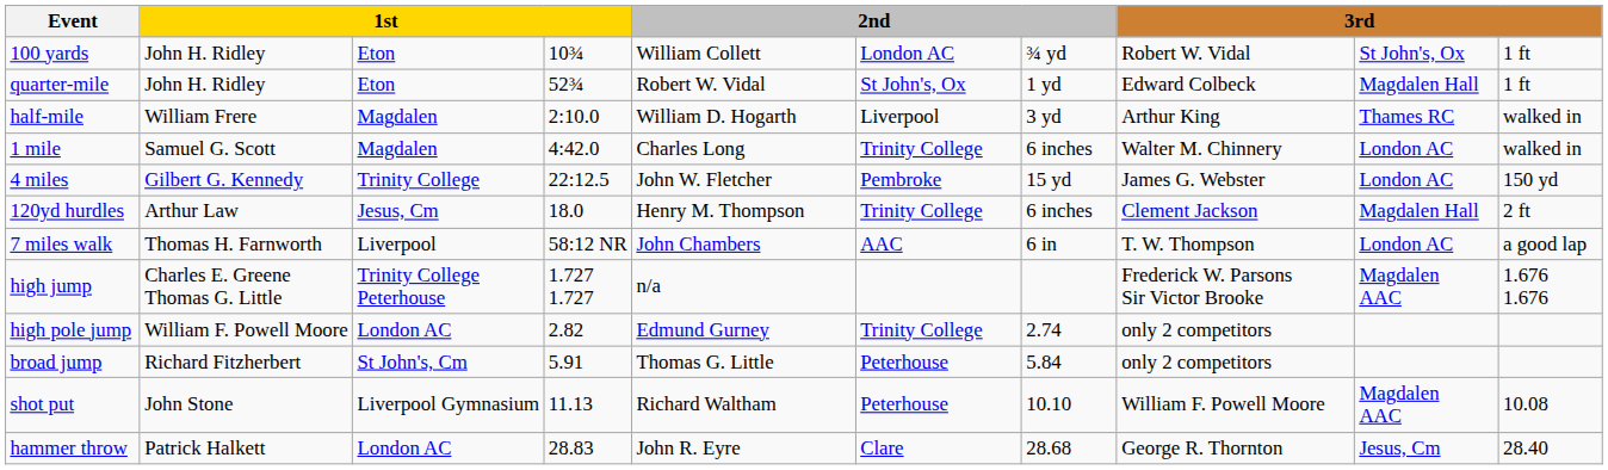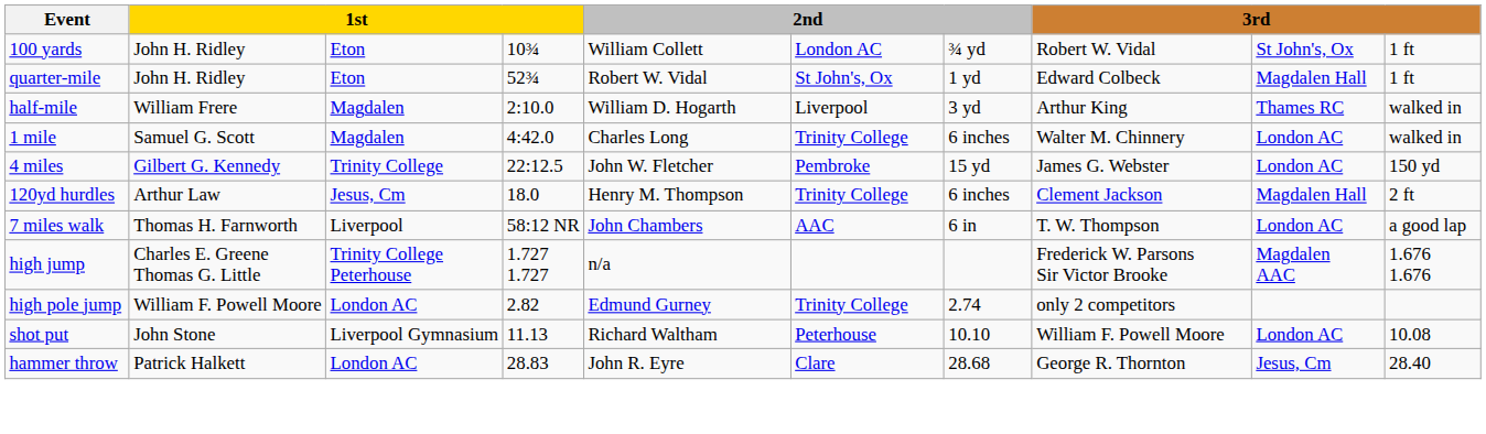 <table class="wikitable" style="text-align:left">
 <tr>
 <th width=100>Event</th>
 <th colspan="3" width="380" style="background:gold;">1st</th>
 <th colspan="3" width="380" style="background:silver;">2nd</th>
 <th colspan="3" width="380" style="background:#CD7F32;">3rd</th>
 </tr>
 <tr>
 <td><a href='#'>100 yards</a></td>
 <td>John H. Ridley</td>
 <td><a href='#'>Eton</a></td>
 <td>10¾</td>
 <td>William Collett</td>
 <td><a href='#'>London AC</a></td>
 <td>¾ yd</td>
 <td>Robert W. Vidal</td>
 <td><a href='#'>St John's, Ox</a></td>
 <td>1 ft</td>
 </tr>
 <tr>
 <td><a href='#'>quarter-mile</a></td>
 <td>John H. Ridley</td>
 <td><a href='#'>Eton</a></td>
 <td>52¾</td>
 <td>Robert W. Vidal</td>
 <td><a href='#'>St John's, Ox</a></td>
 <td>1 yd</td>
 <td>Edward Colbeck</td>
 <td><a href='#'>Magdalen Hall</a></td>
 <td>1 ft</td>
 </tr>
 <tr>
 <td><a href='#'>half-mile</a></td>
 <td>William Frere</td>
 <td><a href='#'>Magdalen</a></td>
 <td>2:10.0</td>
 <td>William D. Hogarth</td>
 <td>Liverpool</td>
 <td>3 yd</td>
 <td>Arthur King</td>
 <td><a href='#'>Thames RC</a></td>
 <td>walked in</td>
 </tr>
 <tr>
 <td><a href='#'>1 mile</a></td>
 <td>Samuel G. Scott</td>
 <td><a href='#'>Magdalen</a></td>
 <td>4:42.0</td>
 <td>Charles Long</td>
 <td><a href='#'>Trinity College</a></td>
 <td>6 inches</td>
 <td>Walter M. Chinnery</td>
 <td><a href='#'>London AC</a></td>
 <td>walked in</td>
 </tr>
 <tr>
 <td><a href='#'>4 miles</a></td>
 <td><a href='#'>Gilbert G. Kennedy</a></td>
 <td><a href='#'>Trinity College</a></td>
 <td>22:12.5</td>
 <td>John W. Fletcher</td>
 <td><a href='#'>Pembroke</a></td>
 <td>15 yd</td>
 <td>James G. Webster</td>
 <td><a href='#'>London AC</a></td>
 <td>150 yd</td>
 </tr>
 <tr>
 <td><a href='#'>120yd hurdles</a></td>
 <td>Arthur Law</td>
 <td><a href='#'>Jesus, Cm</a></td>
 <td>18.0</td>
 <td>Henry M. Thompson</td>
 <td><a href='#'>Trinity College</a></td>
 <td>6 inches</td>
 <td><a href='#'>Clement Jackson</a></td>
 <td><a href='#'>Magdalen Hall</a></td>
 <td>2 ft</td>
 </tr>
 <tr>
 <td><a href='#'>7 miles walk</a></td>
 <td>Thomas H. Farnworth</td>
 <td>Liverpool</td>
 <td>58:12 NR</td>
 <td><a href='#'>John Chambers</a></td>
 <td><a href='#'>AAC</a></td>
 <td>6 in</td>
 <td>T. W. Thompson</td>
 <td><a href='#'>London AC</a></td>
 <td>a good lap</td>
 </tr>
 <tr>
 <td><a href='#'>high jump</a></td>
 <td>Charles E. Greene<br>Thomas G. Little</td>
 <td><a href='#'>Trinity College</a><br><a href='#'>Peterhouse</a></td>
 <td>1.727<br>1.727</td>
 <td>n/a</td>
 <td></td>
 <td></td>
 <td>Frederick W. Parsons<br>Sir Victor Brooke</td>
 <td><a href='#'>Magdalen</a><br><a href='#'>AAC</a></td>
 <td>1.676<br>1.676</td>
 </tr>
 <tr>
 <td><a href='#'>high pole jump</a></td>
 <td>William F. Powell Moore</td>
 <td><a href='#'>London AC</a></td>
 <td>2.82</td>
 <td><a href='#'>Edmund Gurney</a></td>
 <td><a href='#'>Trinity College</a></td>
 <td>2.74</td>
 <td>only 2 competitors</td>
 <td></td>
 <td></td>
 </tr>
 <tr>
-<td><a href='#'>broad jump</a></td>
-<td>Richard Fitzherbert</td>
-<td><a href='#'>St John's, Cm</a></td>
-<td>5.91</td>
-<td>Thomas G. Little</td>
-<td><a href='#'>Peterhouse</a></td>
-<td>5.84</td>
-<td>only 2 competitors</td>
-<td></td>
-<td></td>
-</tr>
-<tr>
 <td><a href='#'>shot put</a></td>
 <td>John Stone</td>
 <td>Liverpool Gymnasium</td>
 <td>11.13</td>
 <td>Richard Waltham</td>
 <td><a href='#'>Peterhouse</a></td>
 <td>10.10</td>
 <td>William F. Powell Moore</td>
-<td><a href='#'>Magdalen</a><br><a href='#'>AAC</a></td>
+<td><a href='#'>London AC</a></td>
 <td>10.08</td>
 </tr>
 <tr>
 <td><a href='#'>hammer throw</a></td>
 <td>Patrick Halkett</td>
 <td><a href='#'>London AC</a></td>
 <td>28.83</td>
 <td>John R. Eyre</td>
 <td><a href='#'>Clare</a></td>
 <td>28.68</td>
 <td>George R. Thornton</td>
 <td><a href='#'>Jesus, Cm</a></td>
 <td>28.40</td>
 </tr>
 </table>
